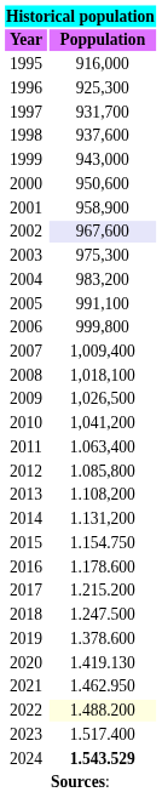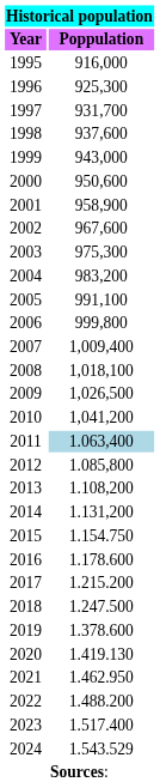 <table class="toc" style="float: right; font-size:90%; text-align: center; margin:1em; margin-top:0.5em; ">
 <tr>
 <td colspan="17" style="background:#0ff; "><strong>Historical population</strong></td>
 </tr>
 <tr>
 <td style="background:#df73ff; "><strong>Year</strong></td>
 <td style="background:#df73ff; "><strong>Poppulation</strong></td>
 </tr>
 <tr>
 <td>1995</td>
 <td>916,000</td>
 </tr>
 <tr>
 <td>1996</td>
 <td>925,300</td>
 </tr>
 <tr>
 <td>1997</td>
 <td>931,700</td>
 </tr>
 <tr>
 <td>1998</td>
 <td>937,600</td>
 </tr>
 <tr>
 <td>1999</td>
 <td>943,000</td>
 </tr>
 <tr>
 <td>2000</td>
 <td>950,600</td>
 </tr>
 <tr>
 <td>2001</td>
 <td>958,900</td>
 </tr>
 <tr>
 <td>2002</td>
-<td style="background: lavender;">967,600</td>
+<td>967,600</td>
 </tr>
 <tr>
 <td>2003</td>
 <td>975,300</td>
 </tr>
 <tr>
 <td>2004</td>
 <td>983,200</td>
 </tr>
 <tr>
 <td>2005</td>
 <td>991,100</td>
 </tr>
 <tr>
 <td>2006</td>
 <td>999,800</td>
 </tr>
 <tr>
 <td>2007</td>
 <td>1,009,400</td>
 </tr>
 <tr>
 <td>2008</td>
 <td>1,018,100</td>
 </tr>
 <tr>
 <td>2009</td>
 <td>1,026,500</td>
 </tr>
 <tr>
 <td>2010</td>
 <td>1,041,200</td>
 </tr>
 <tr>
 <td>2011</td>
-<td>1.063,400</td>
+<td style="background: lightblue;">1.063,400</td>
 </tr>
 <tr>
 <td>2012</td>
 <td>1.085,800</td>
 </tr>
 <tr>
 <td>2013</td>
 <td>1.108,200</td>
 </tr>
 <tr>
 <td>2014</td>
 <td>1.131,200</td>
 </tr>
 <tr>
 <td>2015</td>
 <td>1.154.750</td>
 </tr>
 <tr>
 <td>2016</td>
 <td>1.178.600</td>
 </tr>
 <tr>
 <td>2017</td>
 <td>1.215.200</td>
 </tr>
 <tr>
 <td>2018</td>
 <td>1.247.500</td>
 </tr>
 <tr>
 <td>2019</td>
 <td>1.378.600</td>
 </tr>
 <tr>
 <td>2020</td>
 <td>1.419.130</td>
 </tr>
 <tr>
 <td>2021</td>
 <td>1.462.950</td>
 </tr>
 <tr>
 <td>2022</td>
-<td style="background: lightyellow;">1.488.200</td>
+<td>1.488.200</td>
 </tr>
 <tr>
 <td>2023</td>
 <td>1.517.400</td>
 </tr>
 <tr>
 <td>2024</td>
-<td><strong>1.543.529</strong></td>
+<td>1.543.529</td>
 </tr>
 <tr>
 <td colspan="17" style="text-align: center"><strong>Sources</strong>:</td>
 </tr>
 </table>
